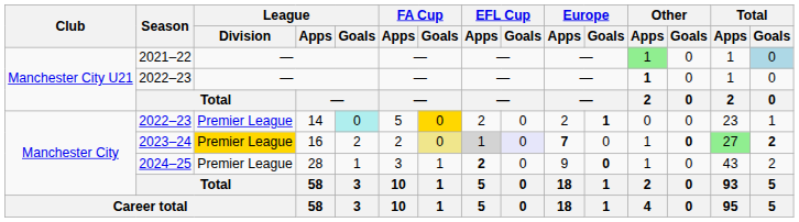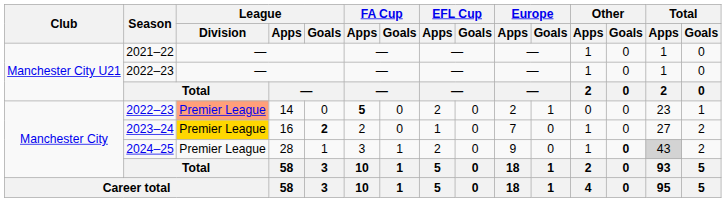 <table class="wikitable" style="text-align: center;">
 <tr>
 <th rowspan="2">Club</th>
 <th rowspan="2">Season</th>
 <th colspan="3">League</th>
 <th colspan="2"><a href='#'>FA Cup</a></th>
 <th colspan="2"><a href='#'>EFL Cup</a></th>
 <th colspan="2"><a href='#'>Europe</a></th>
 <th colspan="2">Other</th>
 <th colspan="2">Total</th>
 </tr>
 <tr>
 <th>Division</th>
 <th>Apps</th>
 <th>Goals</th>
 <th>Apps</th>
 <th>Goals</th>
 <th>Apps</th>
 <th>Goals</th>
 <th>Apps</th>
 <th>Goals</th>
 <th>Apps</th>
 <th>Goals</th>
 <th>Apps</th>
 <th>Goals</th>
 </tr>
 <tr>
 <td rowspan="3"><a href='#'>Manchester City U21</a></td>
 <td>2021–22</td>
 <td colspan="3">—</td>
 <td colspan="2">—</td>
 <td colspan="2">—</td>
 <td colspan="2">—</td>
-<td style="background: lightgreen;">1</td>
+<td>1</td>
 <td>0</td>
 <td>1</td>
-<td style="background: lightblue;">0</td>
+<td>0</td>
 </tr>
 <tr>
 <td>2022–23</td>
 <td colspan="3">—</td>
 <td colspan="2">—</td>
 <td colspan="2">—</td>
 <td colspan="2">—</td>
-<td><strong>1</strong></td>
+<td>1</td>
 <td>0</td>
 <td>1</td>
 <td>0</td>
 </tr>
 <tr>
 <th colspan=2>Total</th>
 <th colspan="2">—</th>
 <th colspan="2">—</th>
 <th colspan="2">—</th>
 <th colspan="2">—</th>
 <th>2</th>
 <th>0</th>
 <th>2</th>
 <th>0</th>
 </tr>
 <tr>
 <td rowspan="4"><a href='#'>Manchester City</a></td>
 <td><a href='#'>2022–23</a></td>
-<td><a href='#'>Premier League</a></td>
+<td style="background: lightsalmon;"><a href='#'>Premier League</a></td>
 <td>14</td>
-<td style="background: paleturquoise;">0</td>
-<td>5</td>
-<td style="background: gold;">0</td>
+<td>0</td>
+<td><strong>5</strong></td>
+<td>0</td>
 <td>2</td>
 <td>0</td>
 <td>2</td>
-<td><strong>1</strong></td>
+<td>1</td>
 <td>0</td>
 <td>0</td>
 <td>23</td>
 <td>1</td>
 </tr>
 <tr>
 <td><a href='#'>2023–24</a></td>
 <td style="background: gold;">Premier League</td>
 <td>16</td>
+<td><strong>2</strong></td>
 <td>2</td>
-<td>2</td>
-<td style="background: khaki;">0</td>
-<td style="background: lightgrey;">1</td>
-<td style="background: lavender;">0</td>
-<td><strong>7</strong></td>
 <td>0</td>
 <td>1</td>
-<td><strong>0</strong></td>
-<td style="background: lightgreen;">27</td>
-<td><strong>2</strong></td>
+<td>0</td>
+<td>7</td>
+<td>0</td>
+<td>1</td>
+<td>0</td>
+<td>27</td>
+<td>2</td>
 </tr>
 <tr>
 <td><a href='#'>2024–25</a></td>
 <td>Premier League</td>
 <td>28</td>
 <td>1</td>
 <td>3</td>
 <td>1</td>
-<td><strong>2</strong></td>
+<td>2</td>
 <td>0</td>
 <td>9</td>
+<td>0</td>
+<td>1</td>
 <td><strong>0</strong></td>
-<td>1</td>
-<td>0</td>
-<td>43</td>
+<td style="background: lightgrey;">43</td>
 <td>2</td>
 </tr>
 <tr>
 <th colspan="2">Total</th>
 <th>58</th>
 <th>3</th>
 <th>10</th>
 <th>1</th>
 <th>5</th>
 <th>0</th>
 <th>18</th>
 <th>1</th>
 <th>2</th>
 <th>0</th>
 <th>93</th>
 <th>5</th>
 </tr>
 <tr>
 <th colspan="3">Career total</th>
 <th>58</th>
 <th>3</th>
 <th>10</th>
 <th>1</th>
 <th>5</th>
 <th>0</th>
 <th>18</th>
 <th>1</th>
 <th>4</th>
 <th>0</th>
 <th>95</th>
 <th>5</th>
 </tr>
 </table>
